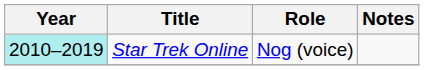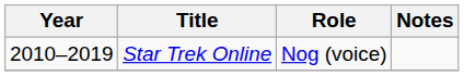 <table class="wikitable">
 <tr>
 <th>Year</th>
 <th>Title</th>
 <th>Role</th>
 <th>Notes</th>
 </tr>
 <tr>
-<td style="background: paleturquoise;">2010–2019</td>
+<td>2010–2019</td>
 <td><em><a href='#'>Star Trek Online</a></em></td>
 <td><a href='#'>Nog</a> (voice)</td>
 <td></td>
 </tr>
 <tr>
 </tr>
 </table>
